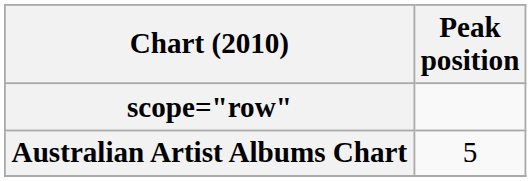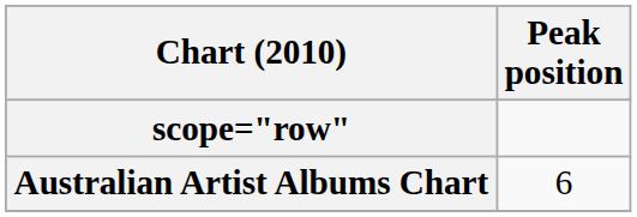 <table class="wikitable sortable plainrowheaders" style="text-align:center;">
 <tr>
 <th scope="col">Chart (2010)</th>
 <th scope="col">Peak<br>position</th>
 </tr>
 <tr>
 <th>scope="row"</th>
 </tr>
 <tr>
 <th scope="row">Australian Artist Albums Chart</th>
-<td>5</td>
+<td>6</td>
 </tr>
 <tr>
 </tr>
 </table>
